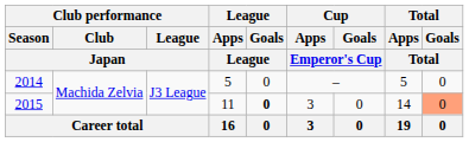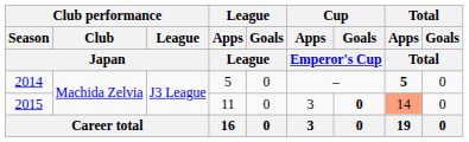 <table class="wikitable" style="text-align:center">
 <tr>
 <th colspan=3>Club performance</th>
 <th colspan=2>League</th>
 <th colspan=2>Cup</th>
 <th colspan=2>Total</th>
 </tr>
 <tr>
 <th>Season</th>
 <th>Club</th>
 <th>League</th>
 <th>Apps</th>
 <th>Goals</th>
 <th>Apps</th>
 <th>Goals</th>
 <th>Apps</th>
 <th>Goals</th>
 </tr>
 <tr>
 <th colspan=3>Japan</th>
 <th colspan=2>League</th>
 <th colspan=2><a href='#'>Emperor's Cup</a></th>
 <th colspan=2>Total</th>
 </tr>
 <tr>
 <td><a href='#'>2014</a></td>
 <td rowspan="2"><a href='#'>Machida Zelvia</a></td>
 <td rowspan="2"><a href='#'>J3 League</a></td>
 <td>5</td>
 <td>0</td>
 <td colspan="2">–</td>
-<td>5</td>
+<td><strong>5</strong></td>
 <td>0</td>
 </tr>
 <tr>
 <td><a href='#'>2015</a></td>
 <td>11</td>
+<td>0</td>
+<td>3</td>
 <td><strong>0</strong></td>
-<td>3</td>
+<td style="background: lightsalmon;">14</td>
 <td>0</td>
-<td>14</td>
-<td style="background: lightsalmon;">0</td>
 </tr>
 <tr>
 <th colspan=3>Career total</th>
 <th>16</th>
 <th>0</th>
 <th>3</th>
 <th>0</th>
 <th>19</th>
 <th>0</th>
 </tr>
 </table>
